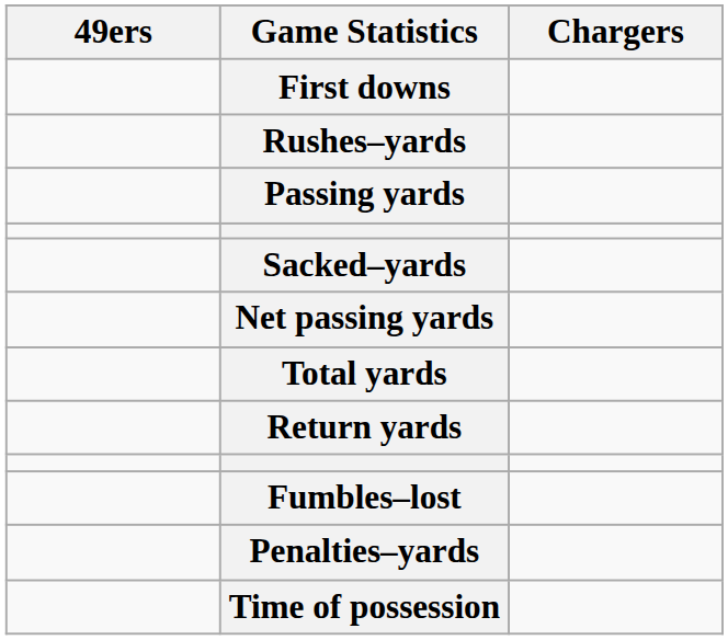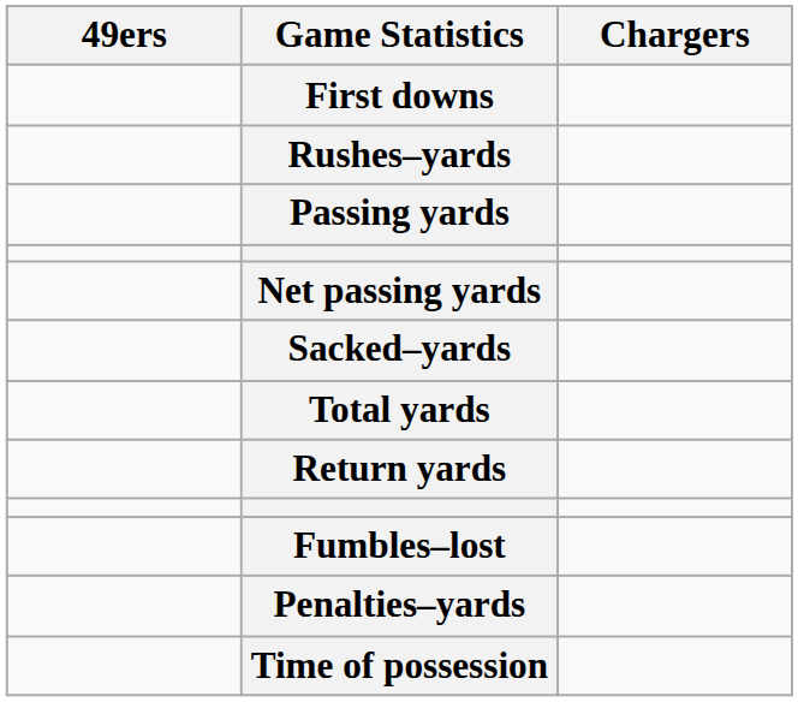 <table class="wikitable" style="margin: 1em auto 1em auto">
 <tr>
 <th style="width:30%;">49ers</th>
 <th style="width:40%;">Game Statistics</th>
 <th style="width:30%;">Chargers</th>
 </tr>
 <tr>
 <td style="text-align:right;"></td>
 <th>First downs</th>
 <td></td>
 </tr>
 <tr>
 <td style="text-align:right;"></td>
 <th>Rushes–yards</th>
 <td></td>
 </tr>
 <tr>
 <td style="text-align:right;"></td>
 <th>Passing yards</th>
 <td></td>
 </tr>
 <tr>
 <td style="text-align:right;"></td>
 <th></th>
 <td></td>
 </tr>
 <tr>
 <td style="text-align:right;"></td>
-<th>Sacked–yards</th>
+<th>Net passing yards</th>
 <td></td>
 </tr>
 <tr>
 <td style="text-align:right;"></td>
-<th>Net passing yards</th>
+<th>Sacked–yards</th>
 <td></td>
 </tr>
 <tr>
 <td style="text-align:right;"></td>
 <th>Total yards</th>
 <td></td>
 </tr>
 <tr>
 <td style="text-align:right;"></td>
 <th>Return yards</th>
 <td></td>
 </tr>
 <tr>
 <td style="text-align:right;"></td>
 <th></th>
 <td></td>
 </tr>
 <tr>
 <td style="text-align:right;"></td>
 <th>Fumbles–lost</th>
 <td></td>
 </tr>
 <tr>
 <td style="text-align:right;"></td>
 <th>Penalties–yards</th>
 <td></td>
 </tr>
 <tr>
 <td style="text-align:right;"></td>
 <th>Time of possession</th>
 <td></td>
 </tr>
 </table>
